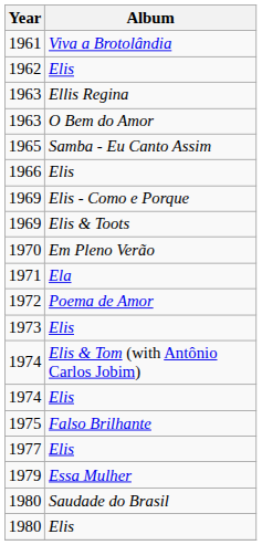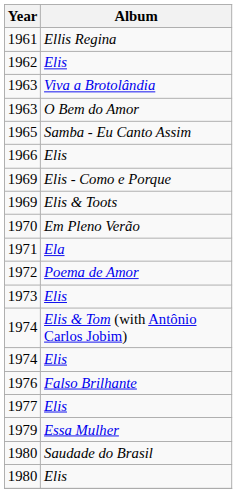 <table class="sortable wikitable">
 <tr>
 <th>Year</th>
 <th width="200">Album</th>
 </tr>
 <tr>
 <td>1961</td>
-<td><em><a href='#'>Viva a Brotolândia</a></em></td>
+<td><em>Ellis Regina </em></td>
 </tr>
 <tr>
 <td>1962</td>
 <td><em><a href='#'>Elis</a></em></td>
 </tr>
 <tr>
 <td>1963</td>
-<td><em>Ellis Regina </em></td>
+<td><em><a href='#'>Viva a Brotolândia</a></em></td>
 </tr>
 <tr>
 <td>1963</td>
 <td><em>O Bem do Amor</em></td>
 </tr>
 <tr>
 <td>1965</td>
 <td><em>Samba - Eu Canto Assim</em></td>
 </tr>
 <tr>
 <td>1966</td>
 <td><em>Elis </em></td>
 </tr>
 <tr>
 <td>1969</td>
 <td><em>Elis - Como e Porque</em></td>
 </tr>
 <tr>
 <td>1969</td>
 <td><em>Elis & Toots</em></td>
 </tr>
 <tr>
 <td>1970</td>
 <td><em>Em Pleno Verão</em></td>
 </tr>
 <tr>
 <td>1971</td>
 <td><em><a href='#'>Ela</a></em></td>
 </tr>
 <tr>
 <td>1972</td>
 <td><em><a href='#'>Poema de Amor</a></em></td>
 </tr>
 <tr>
 <td>1973</td>
 <td><em><a href='#'>Elis</a></em></td>
 </tr>
 <tr>
 <td>1974</td>
 <td><em><a href='#'>Elis & Tom</a></em> (with <a href='#'>Antônio Carlos Jobim</a>)</td>
 </tr>
 <tr>
 <td>1974</td>
 <td><em><a href='#'>Elis</a></em></td>
 </tr>
 <tr>
-<td>1975</td>
+<td>1976</td>
 <td><em><a href='#'>Falso Brilhante</a></em></td>
 </tr>
 <tr>
 <td>1977</td>
 <td><em><a href='#'>Elis</a></em></td>
 </tr>
 <tr>
 <td>1979</td>
 <td><em><a href='#'>Essa Mulher</a></em></td>
 </tr>
 <tr>
 <td>1980</td>
 <td><em>Saudade do Brasil</em></td>
 </tr>
 <tr>
 <td>1980</td>
 <td><em>Elis</em></td>
 </tr>
 <tr>
 </tr>
 </table>
